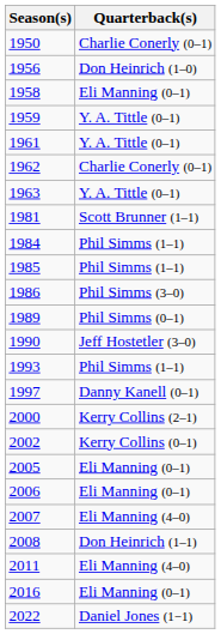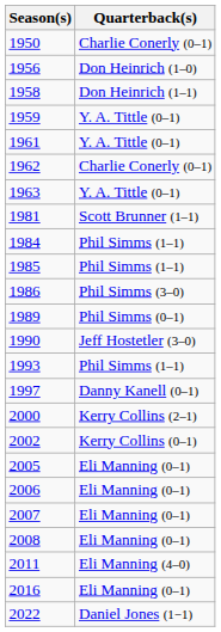 <table class="wikitable">
 <tr>
 <th>Season(s)</th>
 <th>Quarterback(s)</th>
 </tr>
 <tr>
 <td><a href='#'>1950</a></td>
 <td><a href='#'>Charlie Conerly</a> <small>(0–1)</small></td>
 </tr>
 <tr>
 <td><a href='#'>1956</a></td>
 <td><a href='#'>Don Heinrich</a> <small>(1–0)</small></td>
 </tr>
 <tr>
 <td><a href='#'>1958</a></td>
-<td><a href='#'>Eli Manning</a> <small>(0–1)</small></td>
+<td><a href='#'>Don Heinrich</a> <small>(1–1)</small></td>
 </tr>
 <tr>
 <td><a href='#'>1959</a></td>
 <td><a href='#'>Y. A. Tittle</a> <small>(0–1)</small></td>
 </tr>
 <tr>
 <td><a href='#'>1961</a></td>
 <td><a href='#'>Y. A. Tittle</a> <small>(0–1)</small></td>
 </tr>
 <tr>
 <td><a href='#'>1962</a></td>
 <td><a href='#'>Charlie Conerly</a> <small>(0–1)</small></td>
 </tr>
 <tr>
 <td><a href='#'>1963</a></td>
 <td><a href='#'>Y. A. Tittle</a> <small>(0–1)</small></td>
 </tr>
 <tr>
 <td><a href='#'>1981</a></td>
 <td><a href='#'>Scott Brunner</a> <small>(1–1)</small></td>
 </tr>
 <tr>
 <td><a href='#'>1984</a></td>
 <td><a href='#'>Phil Simms</a> <small>(1–1)</small></td>
 </tr>
 <tr>
 <td><a href='#'>1985</a></td>
 <td><a href='#'>Phil Simms</a> <small>(1–1)</small></td>
 </tr>
 <tr>
 <td><a href='#'>1986</a></td>
 <td><a href='#'>Phil Simms</a> <small>(3–0)</small></td>
 </tr>
 <tr>
 <td><a href='#'>1989</a></td>
 <td><a href='#'>Phil Simms</a> <small>(0–1)</small></td>
 </tr>
 <tr>
 <td><a href='#'>1990</a></td>
 <td><a href='#'>Jeff Hostetler</a> <small>(3–0)</small></td>
 </tr>
 <tr>
 <td><a href='#'>1993</a></td>
 <td><a href='#'>Phil Simms</a> <small>(1–1)</small></td>
 </tr>
 <tr>
 <td><a href='#'>1997</a></td>
 <td><a href='#'>Danny Kanell</a> <small>(0–1)</small></td>
 </tr>
 <tr>
 <td><a href='#'>2000</a></td>
 <td><a href='#'>Kerry Collins</a> <small>(2–1)</small></td>
 </tr>
 <tr>
 <td><a href='#'>2002</a></td>
 <td><a href='#'>Kerry Collins</a> <small>(0–1)</small></td>
 </tr>
 <tr>
 <td><a href='#'>2005</a></td>
 <td><a href='#'>Eli Manning</a> <small>(0–1)</small></td>
 </tr>
 <tr>
 <td><a href='#'>2006</a></td>
 <td><a href='#'>Eli Manning</a> <small>(0–1)</small></td>
 </tr>
 <tr>
 <td><a href='#'>2007</a></td>
-<td><a href='#'>Eli Manning</a> <small>(4–0)</small></td>
+<td><a href='#'>Eli Manning</a> <small>(0–1)</small></td>
 </tr>
 <tr>
 <td><a href='#'>2008</a></td>
-<td><a href='#'>Don Heinrich</a> <small>(1–1)</small></td>
+<td><a href='#'>Eli Manning</a> <small>(0–1)</small></td>
 </tr>
 <tr>
 <td><a href='#'>2011</a></td>
 <td><a href='#'>Eli Manning</a> <small>(4–0)</small></td>
 </tr>
 <tr>
 <td><a href='#'>2016</a></td>
 <td><a href='#'>Eli Manning</a> <small>(0–1)</small></td>
 </tr>
 <tr>
 <td><a href='#'>2022</a></td>
 <td><a href='#'>Daniel Jones</a> <small>(1−1)</small></td>
 </tr>
 </table>
